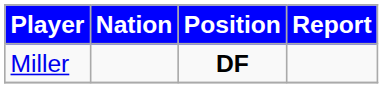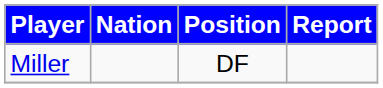 <table class="wikitable" style="font-size: 95%; text-align: center;">
 <tr>
 <th style="background:#00f; color:white; text-align:center;">Player</th>
 <th style="background:#00f; color:white; text-align:center;">Nation</th>
 <th style="background:#00f; color:white; text-align:center;">Position</th>
 <th style="background:#00f; color:white; text-align:center;">Report</th>
 </tr>
 <tr>
 <td style="text-align:left;"><a href='#'>Miller</a></td>
 <td style="text-align:left;"></td>
-<td><strong>DF</strong></td>
+<td>DF</td>
 <td></td>
 </tr>
 <tr>
 </tr>
 </table>
